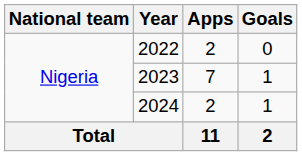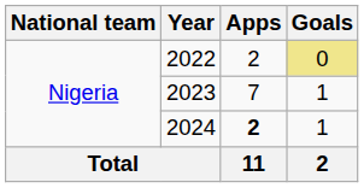 <table class="wikitable" style="text-align:center">
 <tr>
 <th>National team</th>
 <th>Year</th>
 <th>Apps</th>
 <th>Goals</th>
 </tr>
 <tr>
 <td rowspan="3"><a href='#'>Nigeria</a></td>
 <td>2022</td>
 <td>2</td>
-<td>0</td>
+<td style="background: khaki;">0</td>
 </tr>
 <tr>
 <td>2023</td>
 <td>7</td>
 <td>1</td>
 </tr>
 <tr>
 <td>2024</td>
-<td>2</td>
+<td><strong>2</strong></td>
 <td>1</td>
 </tr>
 <tr>
 <th colspan="2">Total</th>
 <th>11</th>
 <th>2</th>
 </tr>
 </table>
